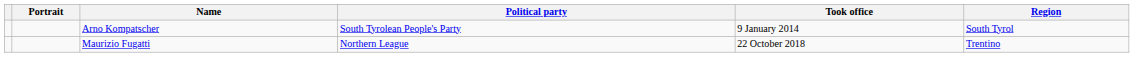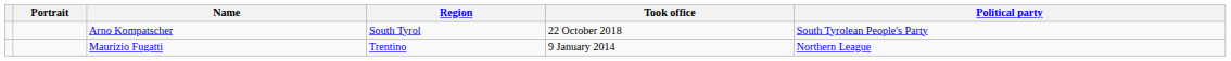 <table class="wikitable sortable" style="border:#555;" width="90%">
 <tr>
 <th class="unsortable" style="width:5px;"></th>
 <th class="unsortable" style="width:100px;">Portrait</th>
 <th>Name</th>
+<th><a href='#'>Region</a></th>
+<th>Took office</th>
 <th><a href='#'>Political party</a></th>
-<th>Took office</th>
-<th><a href='#'>Region</a></th>
 </tr>
 <tr>
 <td style="background-color: "></td>
 <td></td>
 <td><a href='#'>Arno Kompatscher</a></td>
+<td> <a href='#'>South Tyrol</a> <br> </td>
+<td>22 October 2018</td>
 <td><a href='#'>South Tyrolean People's Party</a></td>
-<td>9 January 2014</td>
-<td> <a href='#'>South Tyrol</a> <br> </td>
 </tr>
 <tr>
 <td style="background-color: "></td>
 <td></td>
 <td><a href='#'>Maurizio Fugatti</a></td>
+<td> <a href='#'>Trentino</a> <br> </td>
+<td>9 January 2014</td>
 <td><a href='#'>Northern League</a></td>
-<td>22 October 2018</td>
-<td> <a href='#'>Trentino</a> <br> </td>
 </tr>
 </table>
